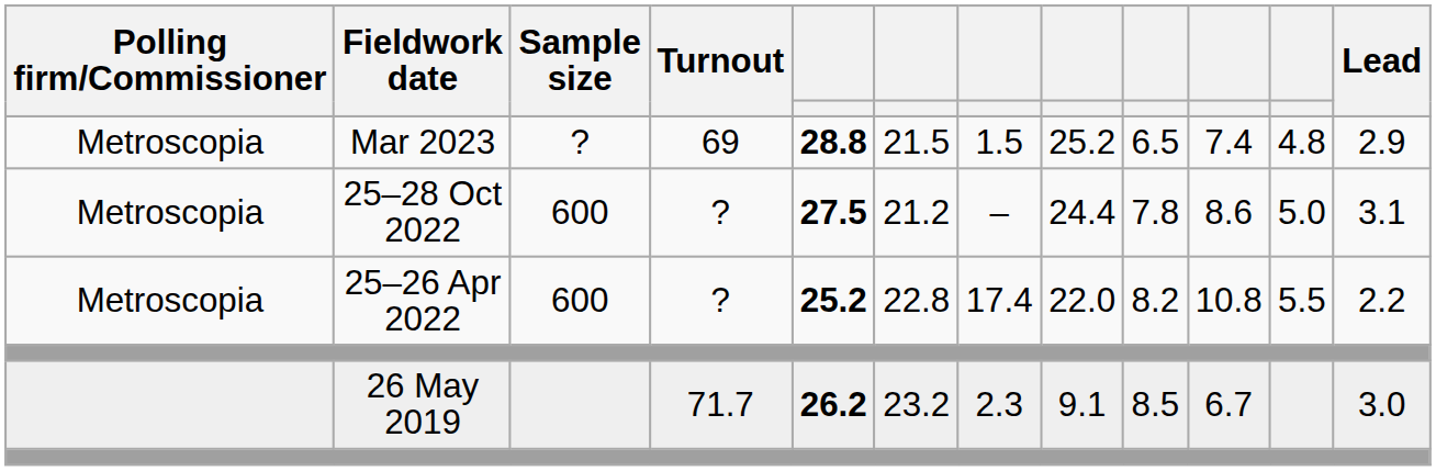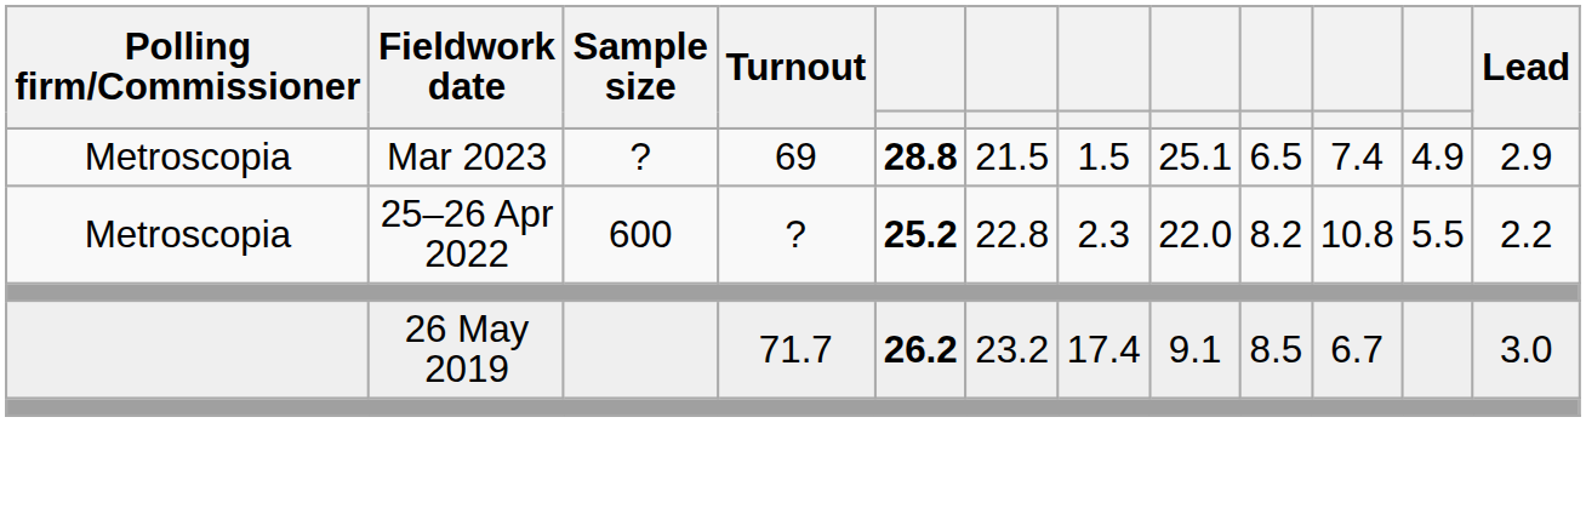 <table class="wikitable collapsible collapsed" style="text-align:center; font-size:95%; line-height:16px;">
 <tr style="height:42px;">
 <th style="width:250px;" rowspan="2">Polling firm/Commissioner</th>
 <th style="width:125px;" rowspan="2">Fieldwork date</th>
 <th style="width:50px;" rowspan="2">Sample size</th>
 <th style="width:45px;" rowspan="2">Turnout</th>
 <th style="width:35px;"></th>
 <th style="width:35px;"></th>
 <th style="width:35px;"></th>
 <th style="width:35px;"></th>
 <th style="width:35px;"></th>
 <th style="width:35px;"></th>
 <th style="width:35px;"></th>
 <th style="width:30px;" rowspan="2">Lead</th>
 </tr>
 <tr>
 <th style="color:inherit;background:"></th>
 <th style="color:inherit;background:"></th>
 <th style="color:inherit;background:"></th>
 <th style="color:inherit;background:"></th>
 <th style="color:inherit;background:"></th>
 <th style="color:inherit;background:"></th>
 <th style="color:inherit;background:"></th>
 </tr>
 <tr>
 <td>Metroscopia</td>
 <td>Mar 2023</td>
 <td>?</td>
 <td>69</td>
 <td><strong>28.8</strong><br></td>
 <td>21.5<br></td>
 <td>1.5<br></td>
-<td>25.2<br></td>
+<td>25.1<br></td>
 <td>6.5<br></td>
 <td>7.4<br></td>
-<td>4.8<br></td>
+<td>4.9<br></td>
 <td style="background:">2.9</td>
-</tr>
-<tr>
-<td>Metroscopia</td>
-<td>25–28 Oct 2022</td>
-<td>600</td>
-<td>?</td>
-<td><strong>27.5</strong><br></td>
-<td>21.2<br></td>
-<td>–</td>
-<td>24.4<br></td>
-<td>7.8<br></td>
-<td>8.6<br></td>
-<td>5.0<br></td>
-<td style="background:">3.1</td>
 </tr>
 <tr>
 <td>Metroscopia</td>
 <td>25–26 Apr 2022</td>
 <td>600</td>
 <td>?</td>
 <td><strong>25.2</strong><br></td>
 <td>22.8<br></td>
-<td>17.4<br></td>
+<td>2.3<br></td>
 <td>22.0<br></td>
 <td>8.2<br></td>
 <td>10.8<br></td>
 <td>5.5<br></td>
 <td style="background:">2.2</td>
 </tr>
 <tr>
 <td colspan="12" style="background:#A0A0A0"></td>
 </tr>
 <tr style="background:#EFEFEF;">
 <td><strong></strong></td>
 <td>26 May 2019</td>
 <td></td>
 <td>71.7</td>
 <td><strong>26.2</strong><br></td>
 <td>23.2<br></td>
-<td>2.3<br></td>
+<td>17.4<br></td>
 <td>9.1<br></td>
 <td>8.5<br></td>
 <td>6.7<br></td>
 <td></td>
 <td style="background:">3.0</td>
 </tr>
 <tr>
 <td colspan="12" style="background:#A0A0A0"></td>
 </tr>
 </table>
